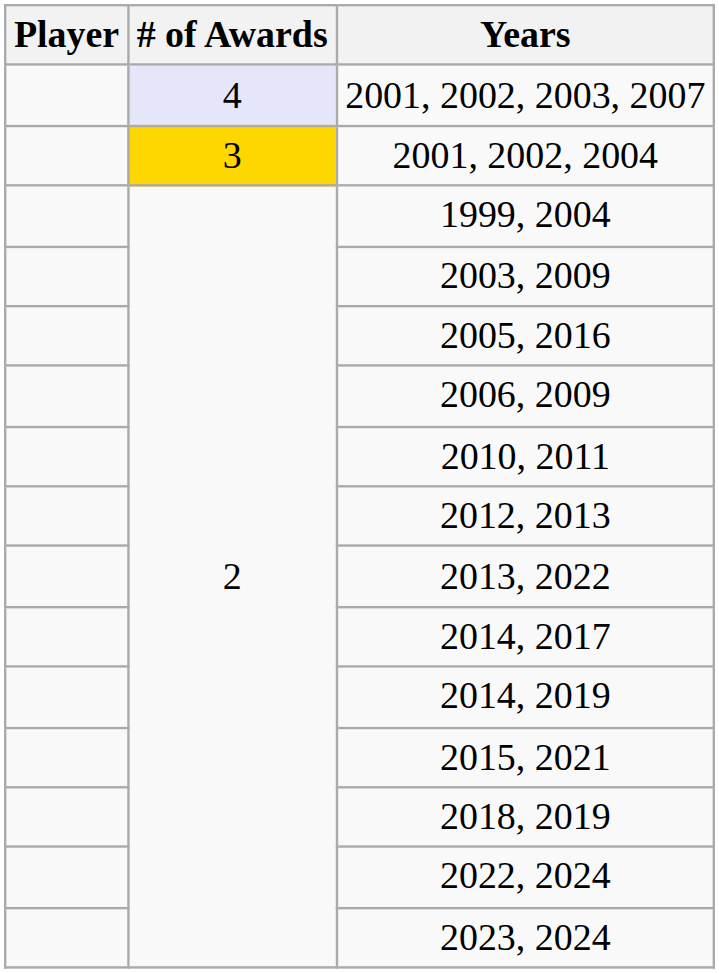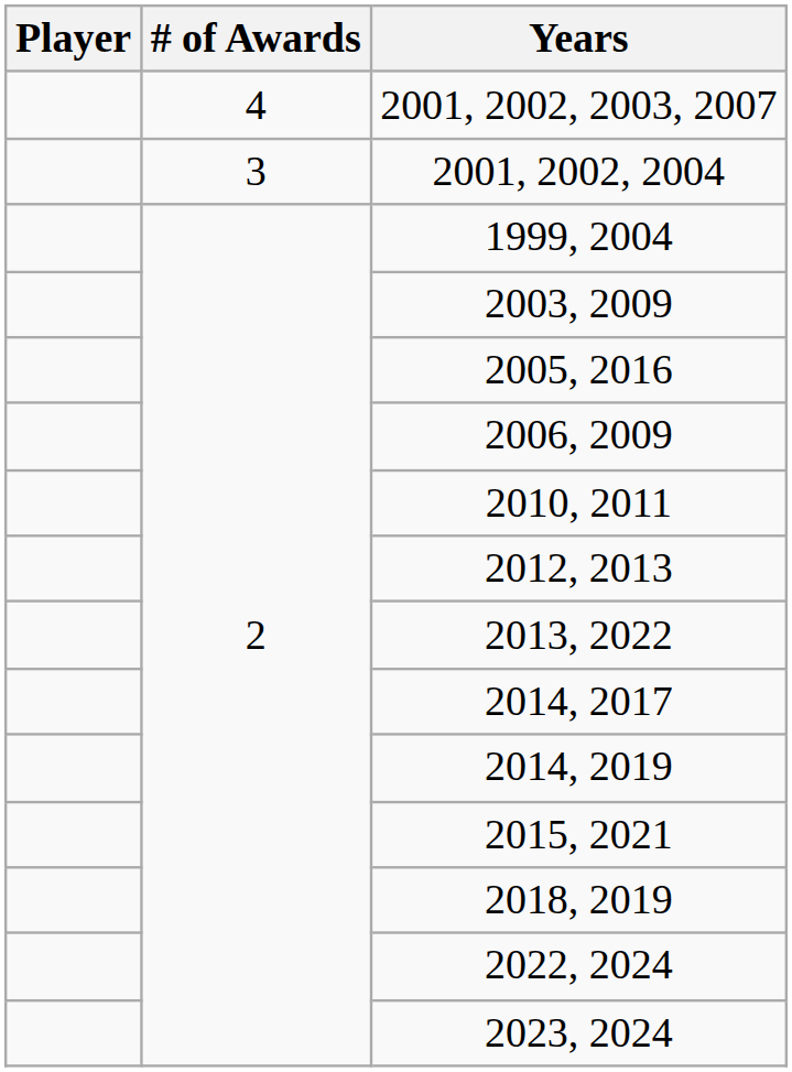 <table class="wikitable sortable plainrowheaders" style="text-align:center; text-align:center">
 <tr>
 <th scope="col">Player</th>
 <th scope="col"># of Awards</th>
 <th scope="col">Years</th>
 </tr>
 <tr>
 <td></td>
-<td style="background: lavender;">4</td>
+<td>4</td>
 <td>2001, 2002, 2003, 2007</td>
 </tr>
 <tr>
 <td></td>
-<td style="background: gold;">3</td>
+<td>3</td>
 <td>2001, 2002, 2004</td>
 </tr>
 <tr>
 <td></td>
 <td rowspan=13 style="text-align:center;">2</td>
 <td>1999, 2004</td>
 </tr>
 <tr>
 <td></td>
 <td>2003, 2009</td>
 </tr>
 <tr>
 <td></td>
 <td>2005, 2016</td>
 </tr>
 <tr>
 <td></td>
 <td>2006, 2009</td>
 </tr>
 <tr>
 <td></td>
 <td>2010, 2011</td>
 </tr>
 <tr>
 <td></td>
 <td>2012, 2013</td>
 </tr>
 <tr>
 <td></td>
 <td>2013, 2022</td>
 </tr>
 <tr>
 <td></td>
 <td>2014, 2017</td>
 </tr>
 <tr>
 <td></td>
 <td>2014, 2019</td>
 </tr>
 <tr>
 <td></td>
 <td>2015, 2021</td>
 </tr>
 <tr>
 <td></td>
 <td>2018, 2019</td>
 </tr>
 <tr>
 <td></td>
 <td>2022, 2024</td>
 </tr>
 <tr>
 <td></td>
 <td>2023, 2024</td>
 </tr>
 </table>
